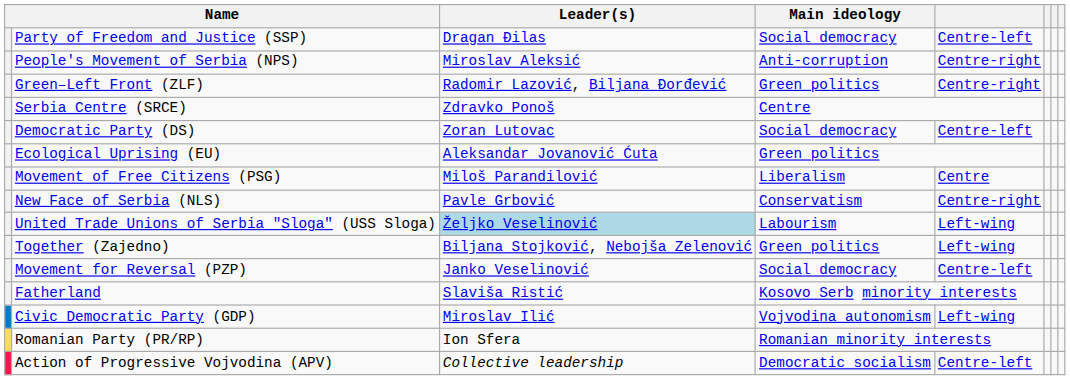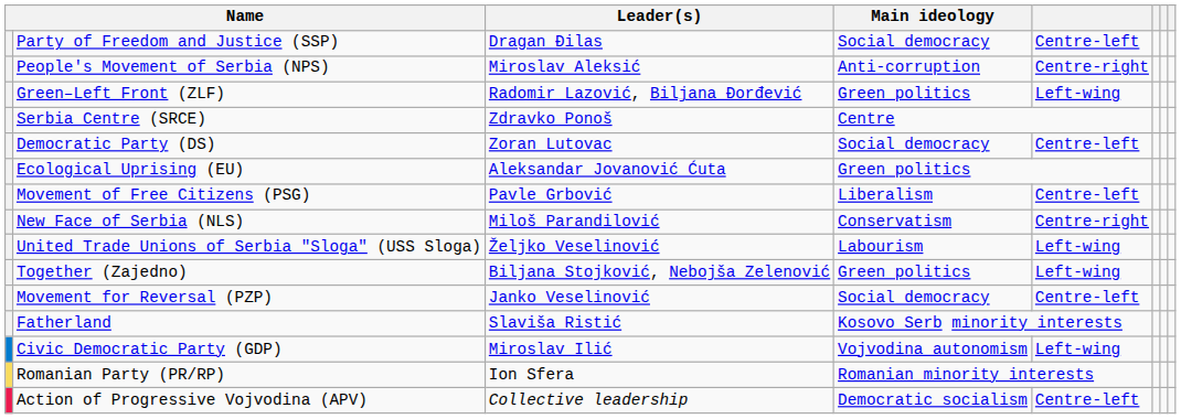 <table class="wikitable" style="text-align; font-size: 95%">
 <tr>
 <th colspan="2">Name</th>
 <th>Leader(s)</th>
 <th>Main ideology</th>
 <th></th>
 <th></th>
 <th></th>
 <th></th>
 </tr>
 <tr>
 <th style="background-color:"></th>
 <td><a href='#'>Party of Freedom and Justice</a> (SSP)</td>
 <td><a href='#'>Dragan Đilas</a></td>
 <td><a href='#'>Social democracy</a></td>
 <td><a href='#'>Centre-left</a></td>
 <td></td>
 <td></td>
 <td></td>
 </tr>
 <tr>
 <th style="background-color:"></th>
 <td><a href='#'>People's Movement of Serbia</a> (NPS)</td>
 <td><a href='#'>Miroslav Aleksić</a></td>
 <td><a href='#'>Anti-corruption</a></td>
 <td><a href='#'>Centre-right</a></td>
 <td></td>
 <td></td>
 <td></td>
 </tr>
 <tr>
 <th style="background-color:"></th>
 <td><a href='#'>Green–Left Front</a> (ZLF)</td>
 <td><a href='#'>Radomir Lazović</a>, <a href='#'>Biljana Đorđević</a></td>
 <td><a href='#'>Green politics</a></td>
-<td><a href='#'>Centre-right</a></td>
+<td><a href='#'>Left-wing</a></td>
 <td></td>
 <td></td>
 <td></td>
 </tr>
 <tr>
 <th style="background-color:"></th>
 <td><a href='#'>Serbia Centre</a> (SRCE)</td>
 <td><a href='#'>Zdravko Ponoš</a></td>
 <td colspan="2"><a href='#'>Centre</a></td>
 <td></td>
 <td></td>
 <td></td>
 </tr>
 <tr>
 <th style="background-color:"></th>
 <td><a href='#'>Democratic Party</a> (DS)</td>
 <td><a href='#'>Zoran Lutovac</a></td>
 <td><a href='#'>Social democracy</a></td>
 <td><a href='#'>Centre-left</a></td>
 <td></td>
 <td></td>
 <td></td>
 </tr>
 <tr>
 <th style="background-color:"></th>
 <td><a href='#'>Ecological Uprising</a> (EU)</td>
 <td><a href='#'>Aleksandar Jovanović Ćuta</a></td>
 <td colspan="2"><a href='#'>Green politics</a></td>
 <td></td>
 <td></td>
 <td></td>
 </tr>
 <tr>
 <th style="background-color:"></th>
 <td><a href='#'>Movement of Free Citizens</a> (PSG)</td>
-<td><a href='#'>Miloš Parandilović</a></td>
+<td><a href='#'>Pavle Grbović</a></td>
 <td><a href='#'>Liberalism</a></td>
-<td><a href='#'>Centre</a></td>
+<td><a href='#'>Centre-left</a></td>
 <td></td>
 <td></td>
 <td></td>
 </tr>
 <tr>
 <th style="background-color:"></th>
 <td><a href='#'>New Face of Serbia</a> (NLS)</td>
-<td><a href='#'>Pavle Grbović</a></td>
+<td><a href='#'>Miloš Parandilović</a></td>
 <td><a href='#'>Conservatism</a></td>
 <td><a href='#'>Centre-right</a></td>
 <td></td>
 <td></td>
 <td></td>
 </tr>
 <tr>
 <th style="background-color:"></th>
 <td><a href='#'>United Trade Unions of Serbia "Sloga"</a> (USS Sloga)</td>
-<td style="background: lightblue;"><a href='#'>Željko Veselinović</a></td>
+<td><a href='#'>Željko Veselinović</a></td>
 <td><a href='#'>Labourism</a></td>
 <td><a href='#'>Left-wing</a></td>
 <td></td>
 <td></td>
 <td></td>
 </tr>
 <tr>
 <th style="background-color:"></th>
 <td><a href='#'>Together</a> (Zajedno)</td>
 <td><a href='#'>Biljana Stojković</a>, <a href='#'>Nebojša Zelenović</a></td>
 <td><a href='#'>Green politics</a></td>
 <td><a href='#'>Left-wing</a></td>
 <td></td>
 <td></td>
 <td></td>
 </tr>
 <tr>
 <th style="background-color:"></th>
 <td><a href='#'>Movement for Reversal</a> (PZP)</td>
 <td><a href='#'>Janko Veselinović</a></td>
 <td><a href='#'>Social democracy</a></td>
 <td><a href='#'>Centre-left</a></td>
 <td></td>
 <td></td>
 <td></td>
 </tr>
 <tr>
 <th style="background-color:"></th>
 <td><a href='#'>Fatherland</a></td>
 <td><a href='#'>Slaviša Ristić</a></td>
 <td colspan="2"><a href='#'>Kosovo Serb</a> <a href='#'>minority interests</a></td>
 <td></td>
 <td></td>
 <td></td>
 </tr>
 <tr>
 <th style="background-color:#027BCE"></th>
 <td><a href='#'>Civic Democratic Party</a> (GDP)</td>
 <td><a href='#'>Miroslav Ilić</a></td>
 <td><a href='#'>Vojvodina autonomism</a></td>
 <td><a href='#'>Left-wing</a></td>
 <td></td>
 <td></td>
 <td></td>
 </tr>
 <tr>
 <th style="background-color:#F9DC5C"></th>
 <td>Romanian Party (PR/RP)</td>
 <td>Ion Sfera</td>
 <td colspan="2"><a href='#'>Romanian minority interests</a></td>
 <td></td>
 <td></td>
 <td></td>
 </tr>
 <tr>
 <th style="background-color:#EC194E"></th>
 <td>Action of Progressive Vojvodina (APV)</td>
 <td><em>Collective leadership</em></td>
 <td><a href='#'>Democratic socialism</a></td>
 <td><a href='#'>Centre-left</a></td>
 <td></td>
 <td></td>
 <td></td>
 </tr>
 </table>
